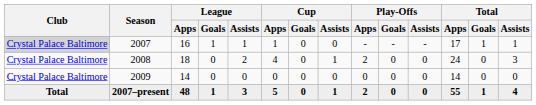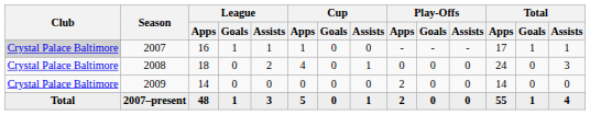 <table class="wikitable" style="text-align: center;">
 <tr>
 <th rowspan="2">Club</th>
 <th rowspan="2">Season</th>
 <th colspan="3">League</th>
 <th colspan="3">Cup</th>
 <th colspan="3">Play-Offs</th>
 <th colspan="3">Total</th>
 </tr>
 <tr>
 <th>Apps</th>
 <th>Goals</th>
 <th>Assists</th>
 <th>Apps</th>
 <th>Goals</th>
 <th>Assists</th>
 <th>Apps</th>
 <th>Goals</th>
 <th>Assists</th>
 <th>Apps</th>
 <th>Goals</th>
 <th>Assists</th>
 </tr>
 <tr>
 <td rowspan="1" valign="top" style="background: lightgrey;"><a href='#'>Crystal Palace Baltimore</a></td>
 <td>2007</td>
 <td>16</td>
 <td>1</td>
 <td>1</td>
 <td>1</td>
 <td>0</td>
 <td>0</td>
 <td>-</td>
 <td>-</td>
 <td>-</td>
 <td>17</td>
 <td>1</td>
 <td>1</td>
 </tr>
 <tr>
 <td><a href='#'>Crystal Palace Baltimore</a></td>
 <td>2008</td>
 <td>18</td>
 <td>0</td>
 <td>2</td>
 <td>4</td>
 <td>0</td>
 <td>1</td>
-<td>2</td>
+<td>0</td>
 <td>0</td>
 <td>0</td>
 <td>24</td>
 <td>0</td>
 <td>3</td>
 </tr>
 <tr>
 <td><a href='#'>Crystal Palace Baltimore</a></td>
 <td>2009</td>
 <td>14</td>
 <td>0</td>
 <td>0</td>
 <td>0</td>
 <td>0</td>
 <td>0</td>
-<td>0</td>
+<td>2</td>
 <td>0</td>
 <td>0</td>
 <td>14</td>
 <td>0</td>
 <td>0</td>
 </tr>
 <tr style="font-weight:bold; background-color:#eeeeee;">
 <td><strong>Total</strong></td>
 <td>2007–present</td>
 <td>48</td>
 <td>1</td>
 <td>3</td>
 <td>5</td>
 <td>0</td>
 <td>1</td>
 <td>2</td>
 <td>0</td>
 <td>0</td>
 <td>55</td>
 <td>1</td>
 <td>4</td>
 </tr>
 </table>
